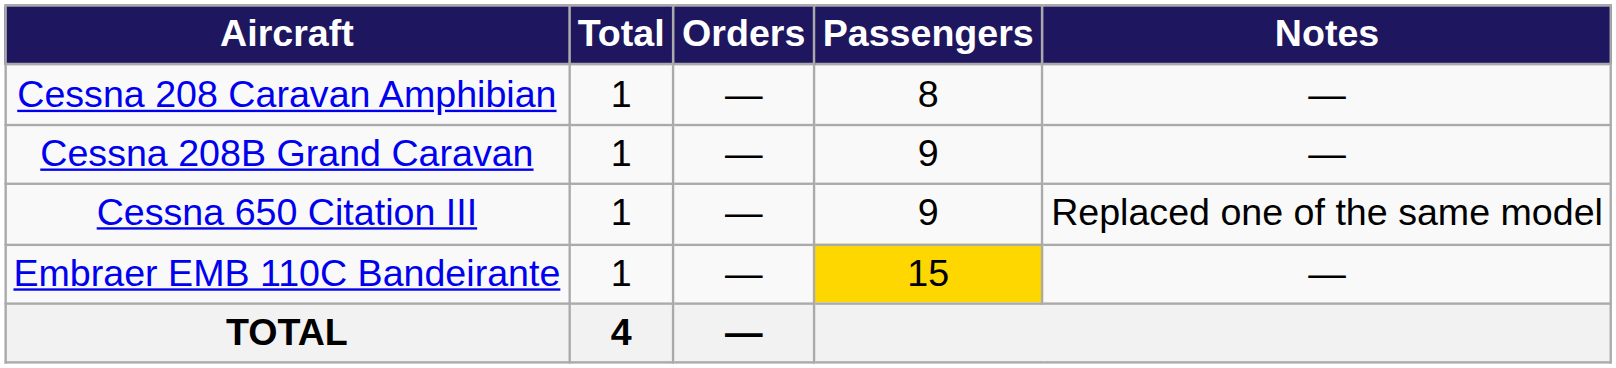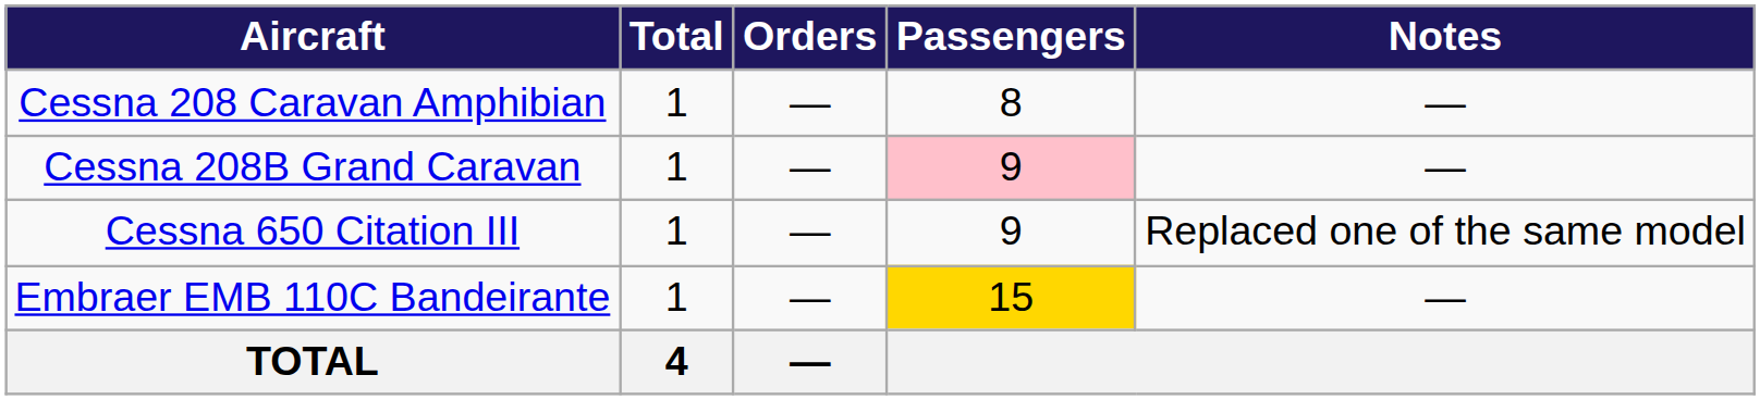 <table class="wikitable" style="text-align:center; margin: 1em auto;">
 <tr>
 <th style="background:#1e165e; color:white;">Aircraft</th>
 <th style="background:#1e165e; color:white;">Total</th>
 <th style="background:#1e165e; color:white;">Orders</th>
 <th style="background:#1e165e; color:white;">Passengers</th>
 <th style="background:#1e165e; color:white;">Notes</th>
 </tr>
 <tr>
 <td><a href='#'>Cessna 208 Caravan Amphibian</a></td>
 <td>1</td>
 <td>—</td>
 <td>8</td>
 <td>—</td>
 </tr>
 <tr>
 <td><a href='#'>Cessna 208B Grand Caravan</a></td>
 <td>1</td>
 <td>—</td>
-<td>9</td>
+<td style="background: pink;">9</td>
 <td>—</td>
 </tr>
 <tr>
 <td><a href='#'>Cessna 650 Citation III</a></td>
 <td>1</td>
 <td>—</td>
 <td>9</td>
 <td>Replaced one of the same model</td>
 </tr>
 <tr>
 <td><a href='#'>Embraer EMB 110C Bandeirante</a></td>
 <td>1</td>
 <td>—</td>
 <td style="background: gold;">15</td>
 <td>—</td>
 </tr>
 <tr>
 <th>TOTAL</th>
 <th>4</th>
 <th>—</th>
 <th colspan="3"></th>
 </tr>
 </table>
